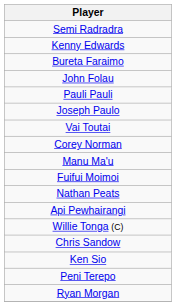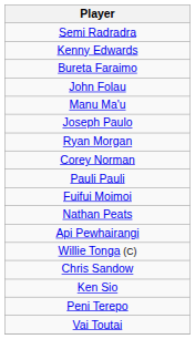 <table class="wikitable" style="text-align: center;">
 <tr>
 <th style="width:250px;">Player</th>
 </tr>
 <tr>
 <td><a href='#'>Semi Radradra</a></td>
 </tr>
 <tr>
 <td><a href='#'>Kenny Edwards</a></td>
 </tr>
 <tr>
 <td><a href='#'>Bureta Faraimo</a></td>
 </tr>
 <tr>
 <td><a href='#'>John Folau</a></td>
 </tr>
 <tr>
-<td><a href='#'>Pauli Pauli</a></td>
+<td><a href='#'>Manu Ma'u</a></td>
 </tr>
 <tr>
 <td><a href='#'>Joseph Paulo</a></td>
 </tr>
 <tr>
-<td><a href='#'>Vai Toutai</a></td>
+<td><a href='#'>Ryan Morgan</a></td>
 </tr>
 <tr>
 <td><a href='#'>Corey Norman</a></td>
 </tr>
 <tr>
-<td><a href='#'>Manu Ma'u</a></td>
+<td><a href='#'>Pauli Pauli</a></td>
 </tr>
 <tr>
 <td><a href='#'>Fuifui Moimoi</a></td>
 </tr>
 <tr>
 <td><a href='#'>Nathan Peats</a></td>
 </tr>
 <tr>
 <td><a href='#'>Api Pewhairangi</a></td>
 </tr>
 <tr>
 <td><a href='#'>Willie Tonga</a> <small>(C)</small></td>
 </tr>
 <tr>
 <td><a href='#'>Chris Sandow</a></td>
 </tr>
 <tr>
 <td><a href='#'>Ken Sio</a></td>
 </tr>
 <tr>
 <td><a href='#'>Peni Terepo</a></td>
 </tr>
 <tr>
-<td><a href='#'>Ryan Morgan</a></td>
+<td><a href='#'>Vai Toutai</a></td>
 </tr>
 <tr>
 </tr>
 </table>
